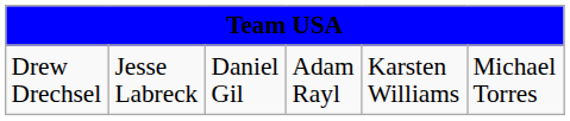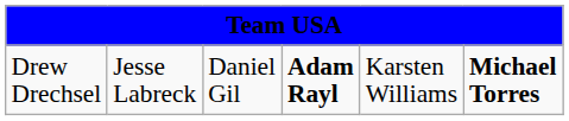 <table class="wikitable" style="width:40%; text-align=center;">
 <tr>
 <th colspan="6" style="background:blue;">Team USA</th>
 </tr>
 <tr>
 <td style="width:10%;">Drew Drechsel</td>
 <td style="width:10%;">Jesse Labreck</td>
 <td style="width:10%;">Daniel Gil</td>
-<td style="width:10%;">Adam Rayl</td>
+<td style="width:10%;"><strong>Adam Rayl</strong></td>
 <td style="width:10%;">Karsten Williams</td>
-<td style="width:10%;">Michael Torres</td>
+<td style="width:10%;"><strong>Michael Torres</strong></td>
 </tr>
 </table>
